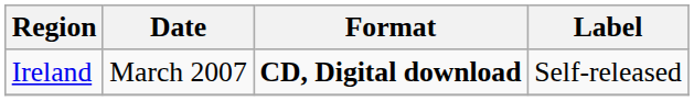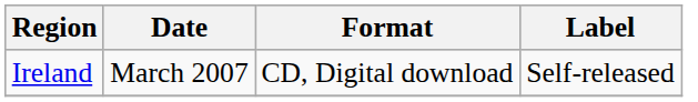 <table class=wikitable>
 <tr>
 <th scope="col">Region</th>
 <th scope="col">Date</th>
 <th scope="col">Format</th>
 <th scope="col">Label</th>
 </tr>
 <tr>
 <td><a href='#'>Ireland</a></td>
 <td>March 2007</td>
-<td><strong>CD, Digital download</strong></td>
+<td>CD, Digital download</td>
 <td>Self-released</td>
 </tr>
 <tr>
 </tr>
 </table>
